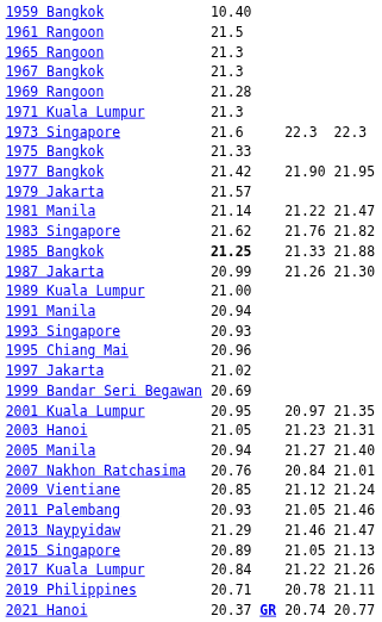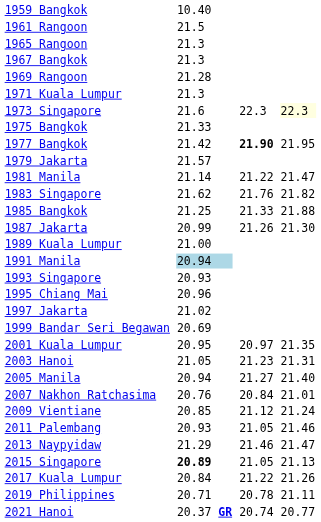 <table>
 <tr>
 <td><a href='#'>1959 Bangkok</a></td>
 <td></td>
 <td>10.40</td>
 <td></td>
 <td></td>
 <td></td>
 <td></td>
 </tr>
 <tr>
 <td><a href='#'>1961 Rangoon</a></td>
 <td></td>
 <td>21.5</td>
 <td></td>
 <td></td>
 <td></td>
 <td></td>
 </tr>
 <tr>
 <td><a href='#'>1965 Rangoon</a></td>
 <td></td>
 <td>21.3</td>
 <td></td>
 <td></td>
 <td></td>
 <td></td>
 </tr>
 <tr>
 <td><a href='#'>1967 Bangkok</a></td>
 <td></td>
 <td>21.3</td>
 <td></td>
 <td></td>
 <td></td>
 <td></td>
 </tr>
 <tr>
 <td><a href='#'>1969 Rangoon</a></td>
 <td></td>
 <td>21.28</td>
 <td></td>
 <td></td>
 <td></td>
 <td></td>
 </tr>
 <tr>
 <td><a href='#'>1971 Kuala Lumpur</a></td>
 <td></td>
 <td>21.3</td>
 <td></td>
 <td></td>
 <td></td>
 <td></td>
 </tr>
 <tr>
 <td><a href='#'>1973 Singapore</a></td>
 <td></td>
 <td>21.6</td>
 <td></td>
 <td>22.3</td>
 <td></td>
-<td>22.3</td>
+<td style="background: lightyellow;">22.3</td>
 </tr>
 <tr>
 <td><a href='#'>1975 Bangkok</a></td>
 <td></td>
 <td>21.33</td>
 <td></td>
 <td></td>
 <td></td>
 <td></td>
 </tr>
 <tr>
 <td><a href='#'>1977 Bangkok</a></td>
 <td></td>
 <td>21.42</td>
 <td></td>
-<td>21.90</td>
+<td><strong>21.90</strong></td>
 <td></td>
 <td>21.95</td>
 </tr>
 <tr>
 <td><a href='#'>1979 Jakarta</a></td>
 <td></td>
 <td>21.57</td>
 <td></td>
 <td></td>
 <td></td>
 <td></td>
 </tr>
 <tr>
 <td><a href='#'>1981 Manila</a></td>
 <td></td>
 <td>21.14</td>
 <td></td>
 <td>21.22</td>
 <td></td>
 <td>21.47</td>
 </tr>
 <tr>
 <td><a href='#'>1983 Singapore</a></td>
 <td></td>
 <td>21.62</td>
 <td></td>
 <td>21.76</td>
 <td></td>
 <td>21.82</td>
 </tr>
 <tr>
 <td><a href='#'>1985 Bangkok</a></td>
 <td></td>
-<td><strong>21.25</strong></td>
+<td>21.25</td>
 <td></td>
 <td>21.33</td>
 <td></td>
 <td>21.88</td>
 </tr>
 <tr>
 <td><a href='#'>1987 Jakarta</a></td>
 <td></td>
 <td>20.99</td>
 <td></td>
 <td>21.26</td>
 <td></td>
 <td>21.30</td>
 </tr>
 <tr>
 <td><a href='#'>1989 Kuala Lumpur</a></td>
 <td></td>
 <td>21.00</td>
 <td></td>
 <td></td>
 <td></td>
 <td></td>
 </tr>
 <tr>
 <td><a href='#'>1991 Manila</a></td>
 <td></td>
-<td>20.94</td>
+<td style="background: lightblue;">20.94</td>
 <td></td>
 <td></td>
 <td></td>
 <td></td>
 </tr>
 <tr>
 <td><a href='#'>1993 Singapore</a></td>
 <td></td>
 <td>20.93</td>
 <td></td>
 <td></td>
 <td></td>
 <td></td>
 </tr>
 <tr>
 <td><a href='#'>1995 Chiang Mai</a></td>
 <td></td>
 <td>20.96</td>
 <td></td>
 <td></td>
 <td></td>
 <td></td>
 </tr>
 <tr>
 <td><a href='#'>1997 Jakarta</a></td>
 <td></td>
 <td>21.02</td>
 <td></td>
 <td></td>
 <td></td>
 <td></td>
 </tr>
 <tr>
 <td><a href='#'>1999 Bandar Seri Begawan</a></td>
 <td></td>
 <td>20.69</td>
 <td></td>
 <td></td>
 <td></td>
 <td></td>
 </tr>
 <tr>
 <td><a href='#'>2001 Kuala Lumpur</a></td>
 <td></td>
 <td>20.95</td>
 <td></td>
 <td>20.97</td>
 <td></td>
 <td>21.35</td>
 </tr>
 <tr>
 <td><a href='#'>2003 Hanoi</a></td>
 <td></td>
 <td>21.05</td>
 <td></td>
 <td>21.23</td>
 <td></td>
 <td>21.31</td>
 </tr>
 <tr>
 <td><a href='#'>2005 Manila</a></td>
 <td></td>
 <td>20.94</td>
 <td></td>
 <td>21.27</td>
 <td></td>
 <td>21.40</td>
 </tr>
 <tr>
 <td><a href='#'>2007 Nakhon Ratchasima</a></td>
 <td></td>
 <td>20.76</td>
 <td></td>
 <td>20.84</td>
 <td></td>
 <td>21.01</td>
 </tr>
 <tr>
 <td><a href='#'>2009 Vientiane</a></td>
 <td></td>
 <td>20.85</td>
 <td></td>
 <td>21.12</td>
 <td></td>
 <td>21.24</td>
 </tr>
 <tr>
 <td><a href='#'>2011 Palembang</a></td>
 <td></td>
 <td>20.93</td>
 <td></td>
 <td>21.05</td>
 <td></td>
 <td>21.46</td>
 </tr>
 <tr>
 <td><a href='#'>2013 Naypyidaw</a></td>
 <td></td>
 <td>21.29</td>
 <td></td>
 <td>21.46</td>
 <td></td>
 <td>21.47</td>
 </tr>
 <tr>
 <td><a href='#'>2015 Singapore</a></td>
 <td></td>
-<td>20.89</td>
+<td><strong>20.89</strong></td>
 <td></td>
 <td>21.05</td>
 <td></td>
 <td>21.13</td>
 </tr>
 <tr>
 <td><a href='#'>2017 Kuala Lumpur</a></td>
 <td></td>
 <td>20.84</td>
 <td></td>
 <td>21.22</td>
 <td></td>
 <td>21.26</td>
 </tr>
 <tr>
 <td><a href='#'>2019 Philippines</a></td>
 <td></td>
 <td>20.71</td>
 <td></td>
 <td>20.78</td>
 <td></td>
 <td>21.11</td>
 </tr>
 <tr>
 <td><a href='#'>2021 Hanoi</a></td>
 <td></td>
 <td>20.37 <strong><a href='#'>GR</a></strong></td>
 <td></td>
 <td>20.74</td>
 <td></td>
 <td>20.77</td>
 </tr>
 <tr>
 </tr>
 </table>
